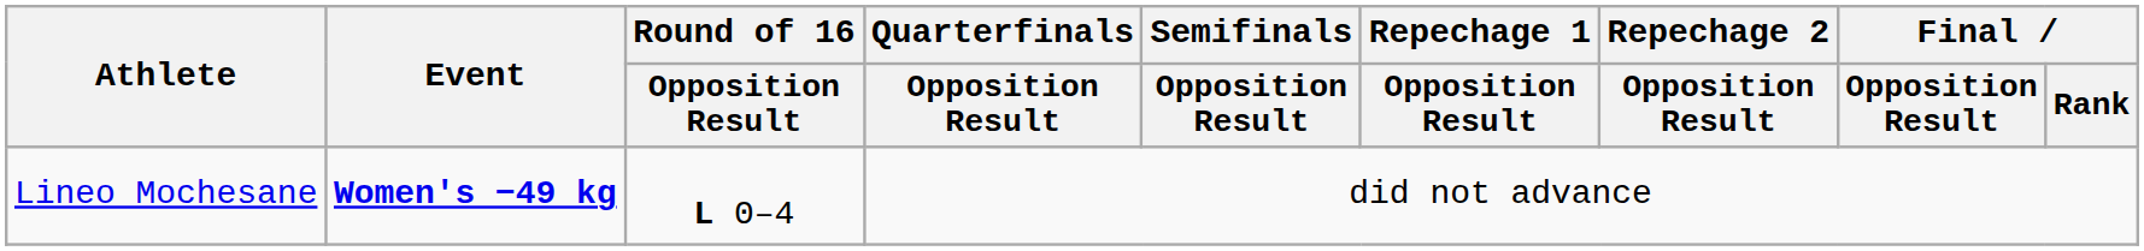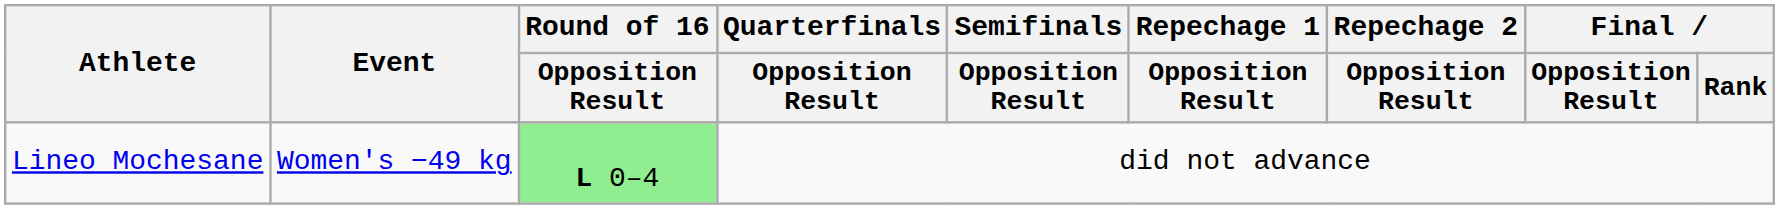 <table class="wikitable" style="font-size:90%;">
 <tr>
 <th rowspan=2>Athlete</th>
 <th rowspan=2>Event</th>
 <th>Round of 16</th>
 <th>Quarterfinals</th>
 <th>Semifinals</th>
 <th>Repechage 1</th>
 <th>Repechage 2</th>
 <th colspan=2>Final / </th>
 </tr>
 <tr style="font-size:95%">
 <th>Opposition<br>Result</th>
 <th>Opposition<br>Result</th>
 <th>Opposition<br>Result</th>
 <th>Opposition<br>Result</th>
 <th>Opposition<br>Result</th>
 <th>Opposition<br>Result</th>
 <th>Rank</th>
 </tr>
 <tr align=center>
 <td align=left><a href='#'>Lineo Mochesane</a></td>
-<td align=left><strong><a href='#'>Women's −49 kg</a></strong></td>
-<td><br><strong>L</strong> 0–4</td>
+<td align=left><a href='#'>Women's −49 kg</a></td>
+<td style="background: lightgreen;"><br><strong>L</strong> 0–4</td>
 <td colspan=6>did not advance</td>
 </tr>
 </table>
